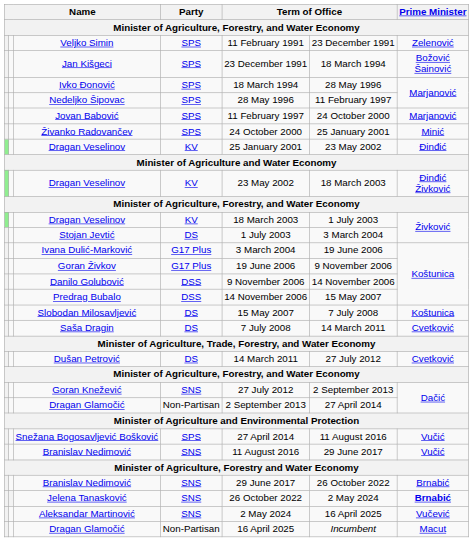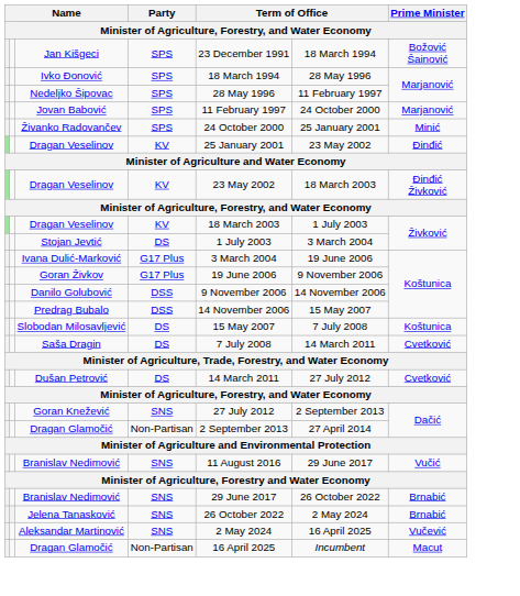 <table class="wikitable" style="text-align:center;">
 <tr>
 <th colspan=3>Name<br></th>
 <th>Party</th>
 <th colspan=2>Term of Office</th>
 <th><a href='#'>Prime Minister</a><br></th>
 </tr>
 <tr>
 <th colspan="7">Minister of Agriculture, Forestry, and Water Economy</th>
-</tr>
-<tr>
-<th style="background:"></th>
-<td></td>
-<td><a href='#'>Veljko Simin</a><br></td>
-<td><a href='#'>SPS</a></td>
-<td>11 February 1991</td>
-<td>23 December 1991</td>
-<td><a href='#'>Zelenović</a> </td>
 </tr>
 <tr>
 <th style="background:"></th>
 <td></td>
 <td><a href='#'>Jan Kišgeci</a><br></td>
 <td><a href='#'>SPS</a></td>
 <td>23 December 1991</td>
 <td>18 March 1994</td>
 <td><a href='#'>Božović</a> <br><a href='#'>Šainović</a> </td>
 </tr>
 <tr>
 <th style="background:"></th>
 <td></td>
 <td><a href='#'>Ivko Đonović</a><br></td>
 <td><a href='#'>SPS</a></td>
 <td>18 March 1994</td>
 <td>28 May 1996</td>
 <td rowspan=2><a href='#'>Marjanović</a> </td>
 </tr>
 <tr>
 <th style="background:"></th>
 <td></td>
 <td><a href='#'>Nedeljko Šipovac</a><br></td>
 <td><a href='#'>SPS</a></td>
 <td>28 May 1996</td>
 <td>11 February 1997</td>
 </tr>
 <tr>
 <th style="background:"></th>
 <td></td>
 <td><a href='#'>Jovan Babović</a><br></td>
 <td><a href='#'>SPS</a></td>
 <td>11 February 1997</td>
 <td>24 October 2000</td>
 <td><a href='#'>Marjanović</a> </td>
 </tr>
 <tr>
 <th style="background:"></th>
 <td></td>
 <td><a href='#'>Živanko Radovančev</a><br></td>
 <td><a href='#'>SPS</a></td>
 <td>24 October 2000</td>
 <td>25 January 2001</td>
 <td><a href='#'>Minić</a> </td>
 </tr>
 <tr>
 <th style="background:LightGreen;"></th>
 <td></td>
 <td><a href='#'>Dragan Veselinov</a><br></td>
 <td><a href='#'>KV</a></td>
 <td>25 January 2001</td>
 <td>23 May 2002</td>
 <td><a href='#'>Đinđić</a> </td>
 </tr>
 <tr>
 <th colspan="7">Minister of Agriculture and Water Economy</th>
 </tr>
 <tr>
 <th style="background:LightGreen;"></th>
 <td></td>
 <td><a href='#'>Dragan Veselinov</a><br></td>
 <td><a href='#'>KV</a></td>
 <td>23 May 2002</td>
 <td>18 March 2003</td>
 <td><a href='#'>Đinđić</a> <br><a href='#'>Živković</a> </td>
 </tr>
 <tr>
 <th colspan="7">Minister of Agriculture, Forestry, and Water Economy</th>
 </tr>
 <tr>
 <th style="background:LightGreen;"></th>
 <td></td>
 <td><a href='#'>Dragan Veselinov</a><br></td>
 <td><a href='#'>KV</a></td>
 <td>18 March 2003</td>
 <td>1 July 2003</td>
 <td rowspan=2><a href='#'>Živković</a> </td>
 </tr>
 <tr>
 <th style="background:"></th>
 <td></td>
 <td><a href='#'>Stojan Jevtić</a><br></td>
 <td><a href='#'>DS</a></td>
 <td>1 July 2003</td>
 <td>3 March 2004</td>
 </tr>
 <tr>
 <th style="background:"></th>
 <td></td>
 <td><a href='#'>Ivana Dulić-Marković</a><br></td>
 <td><a href='#'>G17 Plus</a></td>
 <td>3 March 2004</td>
 <td>19 June 2006</td>
 <td rowspan=4><a href='#'>Koštunica</a> </td>
 </tr>
 <tr>
 <th style="background:"></th>
 <td></td>
 <td><a href='#'>Goran Živkov</a><br></td>
 <td><a href='#'>G17 Plus</a></td>
 <td>19 June 2006</td>
 <td>9 November 2006</td>
 </tr>
 <tr>
 <th style="background:"></th>
 <td></td>
 <td><a href='#'>Danilo Golubović</a><br></td>
 <td><a href='#'>DSS</a></td>
 <td>9 November 2006</td>
 <td>14 November 2006</td>
 </tr>
 <tr>
 <th style="background:"></th>
 <td></td>
 <td><a href='#'>Predrag Bubalo</a><br></td>
 <td><a href='#'>DSS</a></td>
 <td>14 November 2006</td>
 <td>15 May 2007</td>
 </tr>
 <tr>
 <th style="background:"></th>
 <td></td>
 <td><a href='#'>Slobodan Milosavljević</a><br></td>
 <td><a href='#'>DS</a></td>
 <td>15 May 2007</td>
 <td>7 July 2008</td>
 <td><a href='#'>Koštunica</a> </td>
 </tr>
 <tr>
 <th style="background:"></th>
 <td></td>
 <td><a href='#'>Saša Dragin</a><br></td>
 <td><a href='#'>DS</a></td>
 <td>7 July 2008</td>
 <td>14 March 2011</td>
 <td><a href='#'>Cvetković</a> </td>
 </tr>
 <tr>
 <th colspan="7">Minister of Agriculture, Trade, Forestry, and Water Economy</th>
 </tr>
 <tr>
 <th style="background:"></th>
 <td></td>
 <td><a href='#'>Dušan Petrović</a><br></td>
 <td><a href='#'>DS</a></td>
 <td>14 March 2011</td>
 <td>27 July 2012</td>
 <td><a href='#'>Cvetković</a> </td>
 </tr>
 <tr>
 <th colspan="7">Minister of Agriculture, Forestry, and Water Economy</th>
 </tr>
 <tr>
 <th style="background:"></th>
 <td></td>
 <td><a href='#'>Goran Knežević</a><br></td>
 <td><a href='#'>SNS</a></td>
 <td>27 July 2012</td>
 <td>2 September 2013</td>
 <td rowspan=2><a href='#'>Dačić</a> </td>
 </tr>
 <tr>
 <th style="background:"></th>
 <td></td>
 <td><a href='#'>Dragan Glamočić</a><br></td>
 <td>Non-Partisan</td>
 <td>2 September 2013</td>
 <td>27 April 2014</td>
 </tr>
 <tr>
 <th colspan="7">Minister of Agriculture and Environmental Protection</th>
 </tr>
 <tr>
 <th style="background:"></th>
 <td></td>
-<td><a href='#'>Snežana Bogosavljević Bošković</a><br></td>
-<td><a href='#'>SPS</a></td>
-<td>27 April 2014</td>
-<td>11 August 2016</td>
-<td><a href='#'>Vučić</a> </td>
-</tr>
-<tr>
-<th style="background:"></th>
-<td></td>
 <td><a href='#'>Branislav Nedimović</a><br></td>
 <td><a href='#'>SNS</a></td>
 <td>11 August 2016</td>
 <td>29 June 2017</td>
 <td><a href='#'>Vučić</a> </td>
 </tr>
 <tr>
 <th colspan="7">Minister of Agriculture, Forestry and Water Economy</th>
 </tr>
 <tr>
 <th style="background:"></th>
 <td></td>
 <td><a href='#'>Branislav Nedimović</a><br></td>
 <td><a href='#'>SNS</a></td>
 <td>29 June 2017</td>
 <td>26 October 2022</td>
 <td><a href='#'>Brnabić</a> </td>
 </tr>
 <tr>
 <th style="background:"></th>
 <th></th>
 <td><a href='#'>Jelena Tanasković</a><br></td>
 <td><a href='#'>SNS</a></td>
 <td>26 October 2022</td>
 <td>2 May 2024</td>
-<td><strong><a href='#'>Brnabić</a> </strong></td>
+<td><a href='#'>Brnabić</a> </td>
 </tr>
 <tr>
 <th style="background:"></th>
 <td></td>
 <td><a href='#'>Aleksandar Martinović</a><br></td>
 <td><a href='#'>SNS</a></td>
 <td>2 May 2024</td>
 <td>16 April 2025</td>
 <td><a href='#'>Vučević</a> </td>
 </tr>
 <tr>
 <th style="background:"></th>
 <td></td>
 <td><a href='#'>Dragan Glamočić</a><br></td>
 <td>Non-Partisan</td>
 <td>16 April 2025</td>
 <td><em>Incumbent</em></td>
 <td><a href='#'>Macut</a> </td>
 </tr>
 </table>
